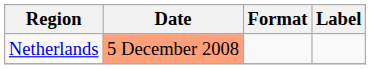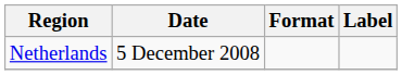 <table class=wikitable>
 <tr>
 <th>Region</th>
 <th>Date</th>
 <th>Format</th>
 <th>Label</th>
 </tr>
 <tr>
 <td><a href='#'>Netherlands</a></td>
-<td style="background: lightsalmon;">5 December 2008</td>
+<td>5 December 2008</td>
 <td></td>
 <td></td>
 </tr>
 <tr>
 </tr>
 </table>
